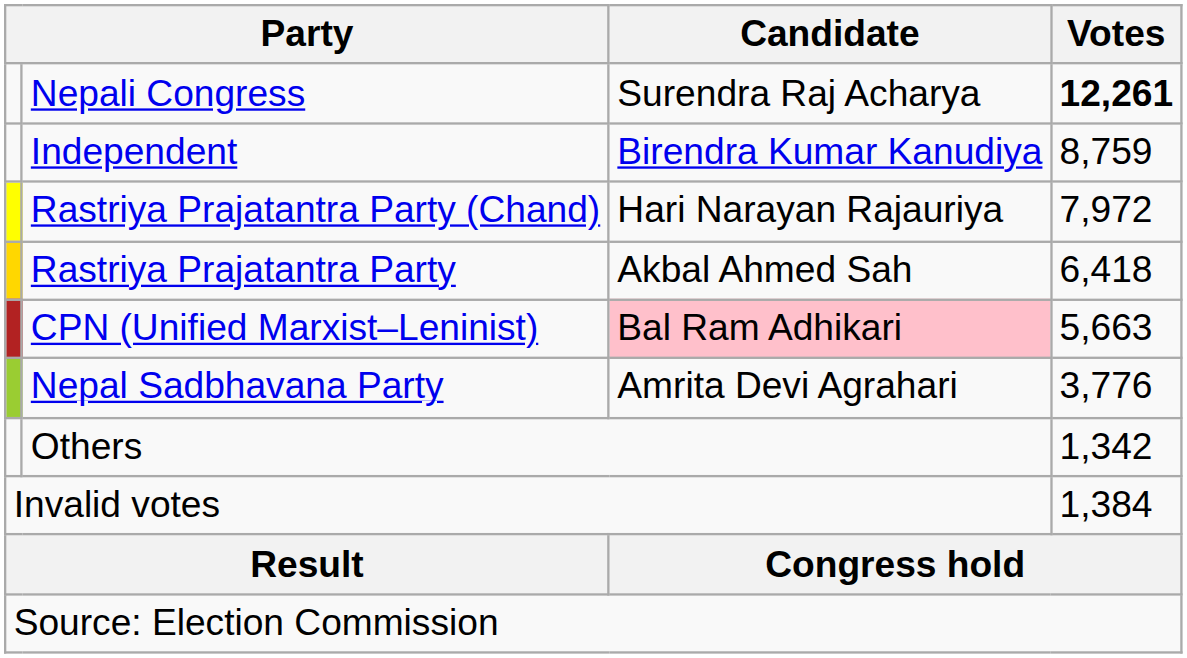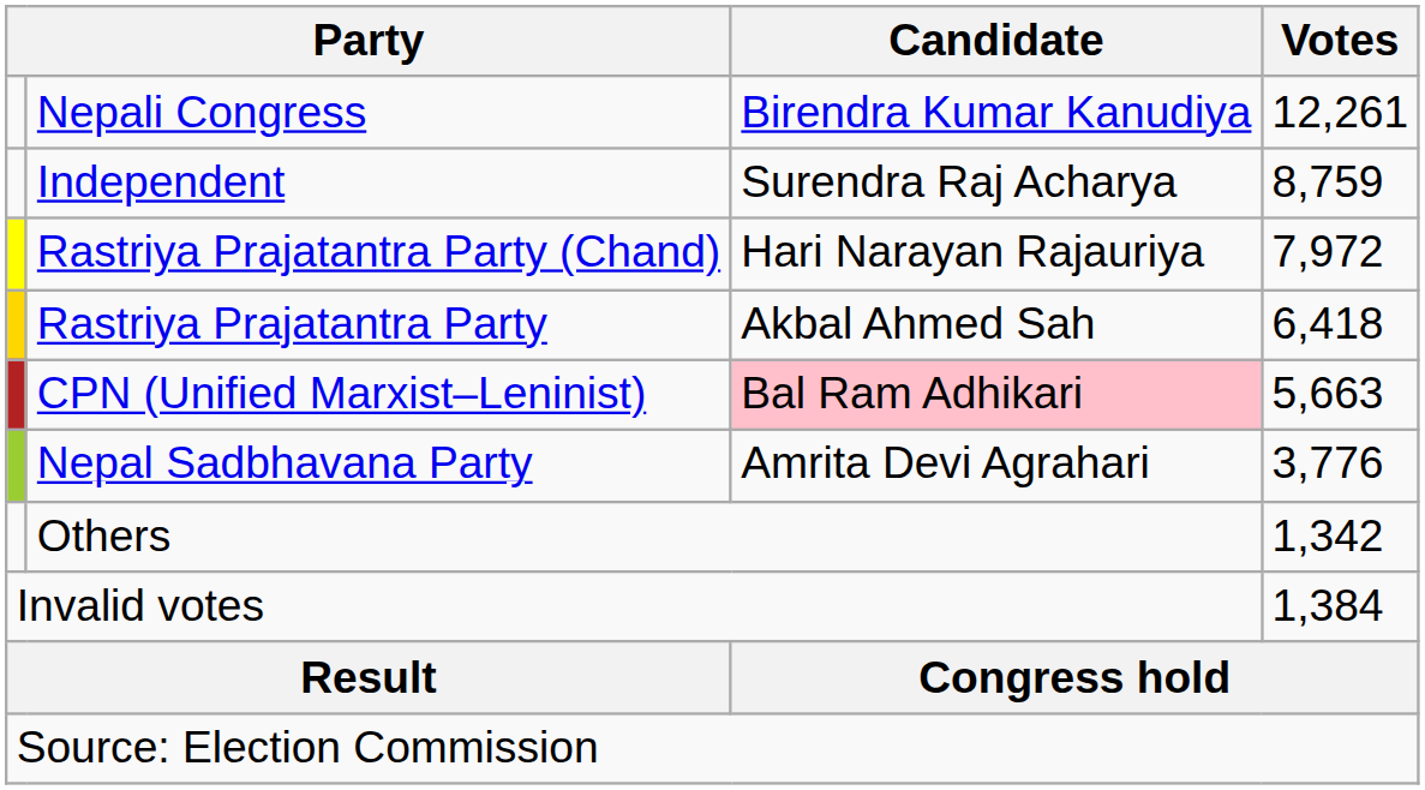 <table class="wikitable">
 <tr>
 <th colspan="2">Party</th>
 <th>Candidate</th>
 <th>Votes</th>
 </tr>
 <tr>
 <td style="background-color:"></td>
 <td><a href='#'>Nepali Congress</a></td>
-<td>Surendra Raj Acharya</td>
-<td><strong>12,261</strong></td>
+<td><a href='#'>Birendra Kumar Kanudiya</a></td>
+<td>12,261</td>
 </tr>
 <tr>
 <td style="background-color:"></td>
 <td><a href='#'>Independent</a></td>
-<td><a href='#'>Birendra Kumar Kanudiya</a></td>
+<td>Surendra Raj Acharya</td>
 <td>8,759</td>
 </tr>
 <tr>
 <td style="background-color:yellow"></td>
 <td><a href='#'>Rastriya Prajatantra Party (Chand)</a></td>
 <td>Hari Narayan Rajauriya</td>
 <td>7,972</td>
 </tr>
 <tr>
 <td style="background-color:gold"></td>
 <td><a href='#'>Rastriya Prajatantra Party</a></td>
 <td>Akbal Ahmed Sah</td>
 <td>6,418</td>
 </tr>
 <tr>
 <td style="background-color:firebrick"></td>
 <td><a href='#'>CPN (Unified Marxist–Leninist)</a></td>
 <td style="background: pink;">Bal Ram Adhikari</td>
 <td>5,663</td>
 </tr>
 <tr>
 <td style="background-color:yellowgreen"></td>
 <td><a href='#'>Nepal Sadbhavana Party</a></td>
 <td>Amrita Devi Agrahari</td>
 <td>3,776</td>
 </tr>
 <tr>
 <td></td>
 <td colspan="2">Others</td>
 <td>1,342</td>
 </tr>
 <tr>
 <td colspan="3">Invalid votes</td>
 <td>1,384</td>
 </tr>
 <tr>
 <th colspan="2">Result</th>
 <th colspan="2">Congress hold</th>
 </tr>
 <tr>
 <td colspan="4">Source: Election Commission</td>
 </tr>
 </table>
